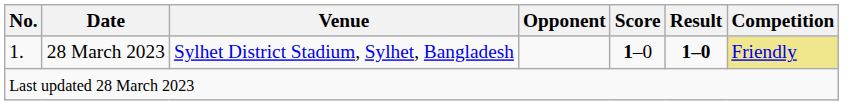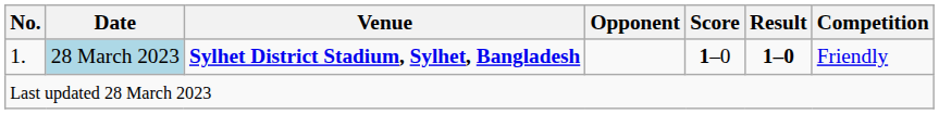 <table class="wikitable" style="font-size:85%;">
 <tr>
 <th>No.</th>
 <th>Date</th>
 <th>Venue</th>
 <th>Opponent</th>
 <th>Score</th>
 <th>Result</th>
 <th>Competition</th>
 </tr>
 <tr>
 <td>1.</td>
-<td>28 March 2023</td>
-<td><a href='#'>Sylhet District Stadium</a>, <a href='#'>Sylhet</a>, <a href='#'>Bangladesh</a></td>
+<td style="background: lightblue;">28 March 2023</td>
+<td><strong><a href='#'>Sylhet District Stadium</a>, <a href='#'>Sylhet</a>, <a href='#'>Bangladesh</a></strong></td>
 <td></td>
 <td style="text-align:center;"><strong>1</strong>–0</td>
 <td style="text-align:center;"><strong>1–0</strong></td>
-<td style="background: khaki;"><a href='#'>Friendly</a></td>
+<td><a href='#'>Friendly</a></td>
 </tr>
 <tr>
 <td colspan="7"><small>Last updated 28 March 2023</small></td>
 </tr>
 </table>
